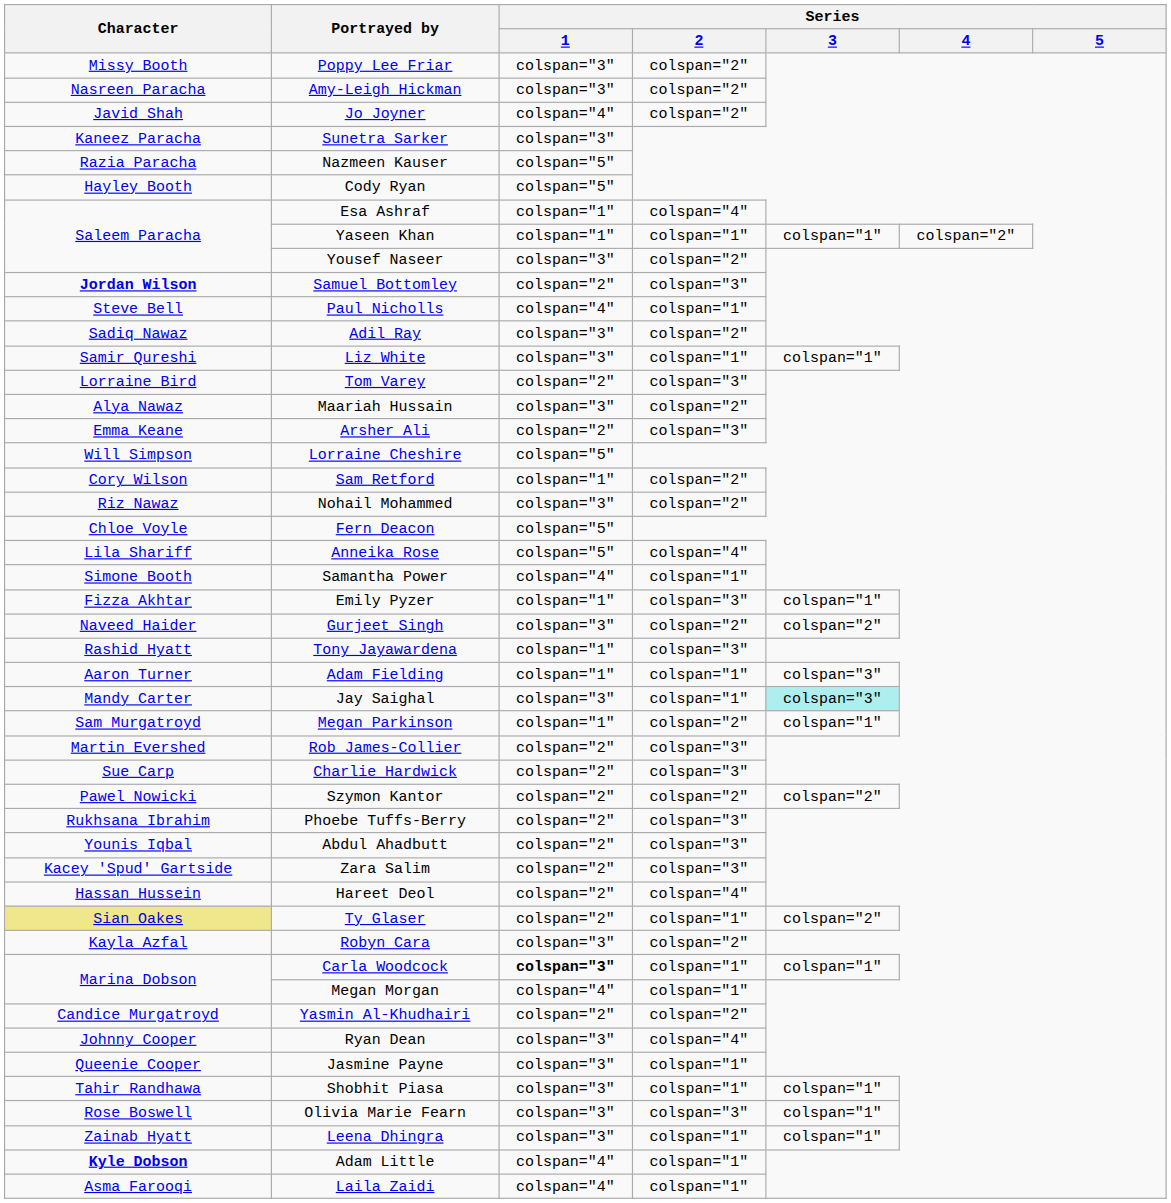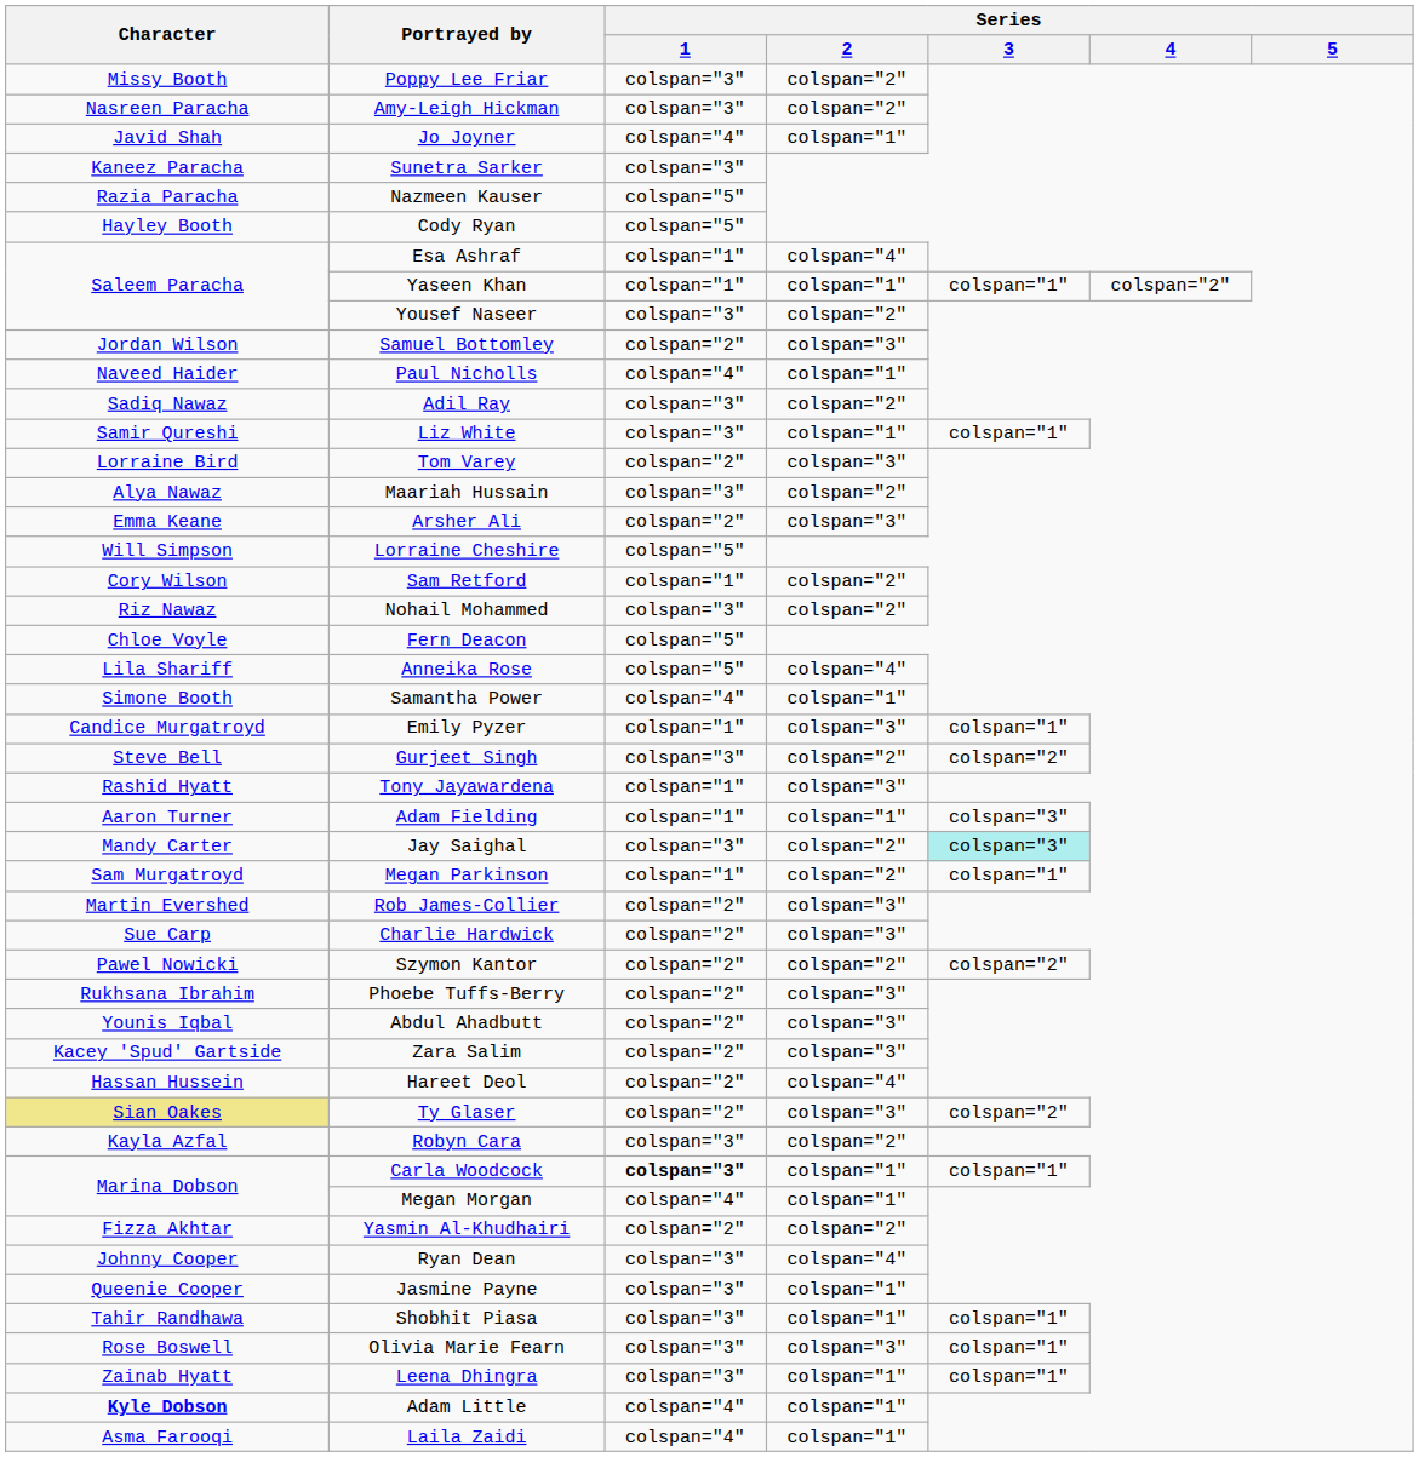 <table class="wikitable plainrowheaders" style="text-align:center; width:80%;">
 <tr>
 <th scope="col" rowspan="2" style="width:20%;">Character</th>
 <th scope="col" rowspan="2" style="width:17%;">Portrayed by</th>
 <th scope="col" colspan="5" style="width:40%;">Series</th>
 </tr>
 <tr>
 <th scope="col" style="width:10%;"><a href='#'>1</a></th>
 <th scope="col" style="width:10%;"><a href='#'>2</a></th>
 <th scope="col" style="width:10%;"><a href='#'>3</a></th>
 <th scope="col" style="width:10%;"><a href='#'>4</a></th>
 <th scope="col" style="width:10%;"><a href='#'>5</a></th>
 </tr>
 <tr>
 <td scope="row"><a href='#'>Missy Booth</a></td>
 <td><a href='#'>Poppy Lee Friar</a></td>
 <td>colspan="3" </td>
 <td>colspan="2" </td>
 </tr>
 <tr>
 <td scope="row"><a href='#'>Nasreen Paracha</a></td>
 <td><a href='#'>Amy-Leigh Hickman</a></td>
 <td>colspan="3" </td>
 <td>colspan="2" </td>
 </tr>
 <tr>
 <td scope="row"><a href='#'>Javid Shah</a></td>
 <td><a href='#'>Jo Joyner</a></td>
 <td>colspan="4" </td>
-<td>colspan="2" </td>
+<td>colspan="1" </td>
 </tr>
 <tr>
 <td scope="row"><a href='#'>Kaneez Paracha</a></td>
 <td><a href='#'>Sunetra Sarker</a></td>
 <td>colspan="3" </td>
 </tr>
 <tr>
 <td scope="row"><a href='#'>Razia Paracha</a></td>
 <td>Nazmeen Kauser</td>
 <td>colspan="5" </td>
 </tr>
 <tr>
 <td scope="row"><a href='#'>Hayley Booth</a></td>
 <td>Cody Ryan</td>
 <td>colspan="5" </td>
 </tr>
 <tr>
 <td rowspan="3"><a href='#'>Saleem Paracha</a></td>
 <td>Esa Ashraf</td>
 <td>colspan="1" </td>
 <td>colspan="4" </td>
 </tr>
 <tr>
 <td>Yaseen Khan</td>
 <td>colspan="1" </td>
 <td>colspan="1" </td>
 <td>colspan="1" </td>
 <td>colspan="2" </td>
 </tr>
 <tr>
 <td>Yousef Naseer</td>
 <td>colspan="3" </td>
 <td>colspan="2" </td>
 </tr>
 <tr>
-<td scope="row"><strong><a href='#'>Jordan Wilson</a></strong></td>
+<td scope="row"><a href='#'>Jordan Wilson</a></td>
 <td><a href='#'>Samuel Bottomley</a></td>
 <td>colspan="2" </td>
 <td>colspan="3" </td>
 </tr>
 <tr>
-<td scope="row"><a href='#'>Steve Bell</a></td>
+<td scope="row"><a href='#'>Naveed Haider</a></td>
 <td><a href='#'>Paul Nicholls</a></td>
 <td>colspan="4" </td>
 <td>colspan="1" </td>
 </tr>
 <tr>
 <td scope="row"><a href='#'>Sadiq Nawaz</a></td>
 <td><a href='#'>Adil Ray</a></td>
 <td>colspan="3" </td>
 <td>colspan="2" </td>
 </tr>
 <tr>
 <td scope="row"><a href='#'>Samir Qureshi</a></td>
 <td><a href='#'>Liz White</a></td>
 <td>colspan="3" </td>
 <td>colspan="1" </td>
 <td>colspan="1" </td>
 </tr>
 <tr>
 <td scope="row"><a href='#'>Lorraine Bird</a></td>
 <td><a href='#'>Tom Varey</a></td>
 <td>colspan="2" </td>
 <td>colspan="3" </td>
 </tr>
 <tr>
 <td scope="row"><a href='#'>Alya Nawaz</a></td>
 <td>Maariah Hussain</td>
 <td>colspan="3" </td>
 <td>colspan="2" </td>
 </tr>
 <tr>
 <td scope="row"><a href='#'>Emma Keane</a></td>
 <td><a href='#'>Arsher Ali</a></td>
 <td>colspan="2" </td>
 <td>colspan="3" </td>
 </tr>
 <tr>
 <td scope="row"><a href='#'>Will Simpson</a></td>
 <td><a href='#'>Lorraine Cheshire</a></td>
 <td>colspan="5" </td>
 </tr>
 <tr>
 <td scope="row"><a href='#'>Cory Wilson</a></td>
 <td><a href='#'>Sam Retford</a></td>
 <td>colspan="1" </td>
 <td>colspan="2" </td>
 </tr>
 <tr>
 <td scope="row"><a href='#'>Riz Nawaz</a></td>
 <td>Nohail Mohammed</td>
 <td>colspan="3" </td>
 <td>colspan="2" </td>
 </tr>
 <tr>
 <td scope="row"><a href='#'>Chloe Voyle</a></td>
 <td><a href='#'>Fern Deacon</a></td>
 <td>colspan="5" </td>
 </tr>
 <tr>
 <td scope="row"><a href='#'>Lila Shariff</a></td>
 <td><a href='#'>Anneika Rose</a></td>
 <td>colspan="5" </td>
 <td>colspan="4" </td>
 </tr>
 <tr>
 <td scope="row"><a href='#'>Simone Booth</a></td>
 <td>Samantha Power</td>
 <td>colspan="4" </td>
 <td>colspan="1" </td>
 </tr>
 <tr>
-<td scope="row"><a href='#'>Fizza Akhtar</a></td>
+<td scope="row"><a href='#'>Candice Murgatroyd</a></td>
 <td>Emily Pyzer</td>
 <td>colspan="1" </td>
 <td>colspan="3" </td>
 <td>colspan="1" </td>
 </tr>
 <tr>
-<td scope="row"><a href='#'>Naveed Haider</a></td>
+<td scope="row"><a href='#'>Steve Bell</a></td>
 <td><a href='#'>Gurjeet Singh</a></td>
 <td>colspan="3" </td>
 <td>colspan="2" </td>
 <td>colspan="2" </td>
 </tr>
 <tr>
 <td scope="row"><a href='#'>Rashid Hyatt</a></td>
 <td><a href='#'>Tony Jayawardena</a></td>
 <td>colspan="1" </td>
 <td>colspan="3" </td>
 </tr>
 <tr>
 <td scope="row"><a href='#'>Aaron Turner</a></td>
 <td><a href='#'>Adam Fielding</a></td>
 <td>colspan="1" </td>
 <td>colspan="1" </td>
 <td>colspan="3" </td>
 </tr>
 <tr>
 <td scope="row"><a href='#'>Mandy Carter</a></td>
 <td>Jay Saighal</td>
 <td>colspan="3" </td>
-<td>colspan="1" </td>
+<td>colspan="2" </td>
 <td style="background: paleturquoise;">colspan="3" </td>
 </tr>
 <tr>
 <td scope="row"><a href='#'>Sam Murgatroyd</a></td>
 <td><a href='#'>Megan Parkinson</a></td>
 <td>colspan="1" </td>
 <td>colspan="2" </td>
 <td>colspan="1" </td>
 </tr>
 <tr>
 <td scope="row"><a href='#'>Martin Evershed</a></td>
 <td><a href='#'>Rob James-Collier</a></td>
 <td>colspan="2" </td>
 <td>colspan="3" </td>
 </tr>
 <tr>
 <td scope="row"><a href='#'>Sue Carp</a></td>
 <td><a href='#'>Charlie Hardwick</a></td>
 <td>colspan="2" </td>
 <td>colspan="3" </td>
 </tr>
 <tr>
 <td scope="row"><a href='#'>Pawel Nowicki</a></td>
 <td>Szymon Kantor</td>
 <td>colspan="2" </td>
 <td>colspan="2" </td>
 <td>colspan="2" </td>
 </tr>
 <tr>
 <td scope="row"><a href='#'>Rukhsana Ibrahim</a></td>
 <td>Phoebe Tuffs-Berry</td>
 <td>colspan="2" </td>
 <td>colspan="3" </td>
 </tr>
 <tr>
 <td scope="row"><a href='#'>Younis Iqbal</a></td>
 <td>Abdul Ahadbutt</td>
 <td>colspan="2" </td>
 <td>colspan="3" </td>
 </tr>
 <tr>
 <td scope="row"><a href='#'>Kacey 'Spud' Gartside</a></td>
 <td>Zara Salim</td>
 <td>colspan="2" </td>
 <td>colspan="3" </td>
 </tr>
 <tr>
 <td scope="row"><a href='#'>Hassan Hussein</a></td>
 <td>Hareet Deol</td>
 <td>colspan="2" </td>
 <td>colspan="4" </td>
 </tr>
 <tr>
 <td scope="row" style="background: khaki;"><a href='#'>Sian Oakes</a></td>
 <td><a href='#'>Ty Glaser</a></td>
 <td>colspan="2" </td>
-<td>colspan="1" </td>
+<td>colspan="3" </td>
 <td>colspan="2" </td>
 </tr>
 <tr>
 <td scope="row"><a href='#'>Kayla Azfal</a></td>
 <td><a href='#'>Robyn Cara</a></td>
 <td>colspan="3" </td>
 <td>colspan="2" </td>
 </tr>
 <tr>
 <td rowspan="2"><a href='#'>Marina Dobson</a></td>
 <td><a href='#'>Carla Woodcock</a></td>
 <td><strong>colspan="3" </strong></td>
 <td>colspan="1" </td>
 <td>colspan="1" </td>
 </tr>
 <tr>
 <td>Megan Morgan</td>
 <td>colspan="4" </td>
 <td>colspan="1" </td>
 </tr>
 <tr>
-<td scope="row"><a href='#'>Candice Murgatroyd</a></td>
+<td scope="row"><a href='#'>Fizza Akhtar</a></td>
 <td><a href='#'>Yasmin Al-Khudhairi</a></td>
 <td>colspan="2" </td>
 <td>colspan="2" </td>
 </tr>
 <tr>
 <td scope="row"><a href='#'>Johnny Cooper</a></td>
 <td>Ryan Dean</td>
 <td>colspan="3" </td>
 <td>colspan="4" </td>
 </tr>
 <tr>
 <td scope="row"><a href='#'>Queenie Cooper</a></td>
 <td>Jasmine Payne</td>
 <td>colspan="3" </td>
 <td>colspan="1" </td>
 </tr>
 <tr>
 <td scope="row"><a href='#'>Tahir Randhawa</a></td>
 <td>Shobhit Piasa</td>
 <td>colspan="3" </td>
 <td>colspan="1" </td>
 <td>colspan="1" </td>
 </tr>
 <tr>
 <td scope="row"><a href='#'>Rose Boswell</a></td>
 <td>Olivia Marie Fearn</td>
 <td>colspan="3" </td>
 <td>colspan="3" </td>
 <td>colspan="1" </td>
 </tr>
 <tr>
 <td scope="row"><a href='#'>Zainab Hyatt</a></td>
 <td><a href='#'>Leena Dhingra</a></td>
 <td>colspan="3" </td>
 <td>colspan="1" </td>
 <td>colspan="1" </td>
 </tr>
 <tr>
 <td scope="row"><strong><a href='#'>Kyle Dobson</a></strong></td>
 <td>Adam Little</td>
 <td>colspan="4" </td>
 <td>colspan="1" </td>
 </tr>
 <tr>
 <td scope="row"><a href='#'>Asma Farooqi</a></td>
 <td><a href='#'>Laila Zaidi</a></td>
 <td>colspan="4" </td>
 <td>colspan="1" </td>
 </tr>
 </table>
